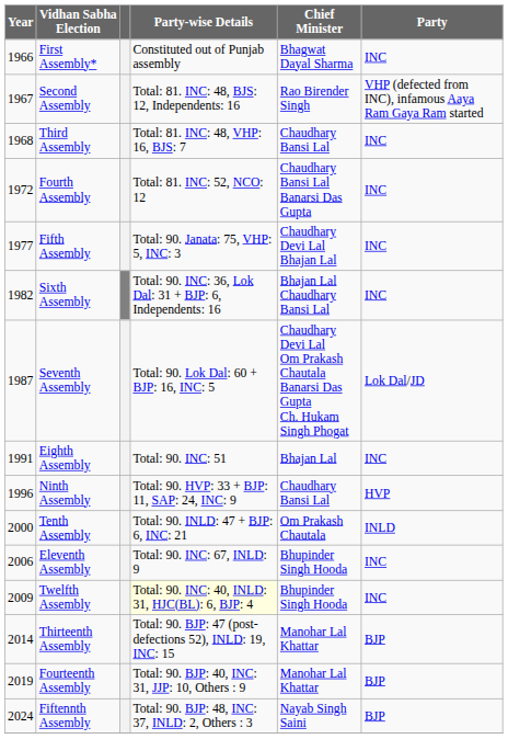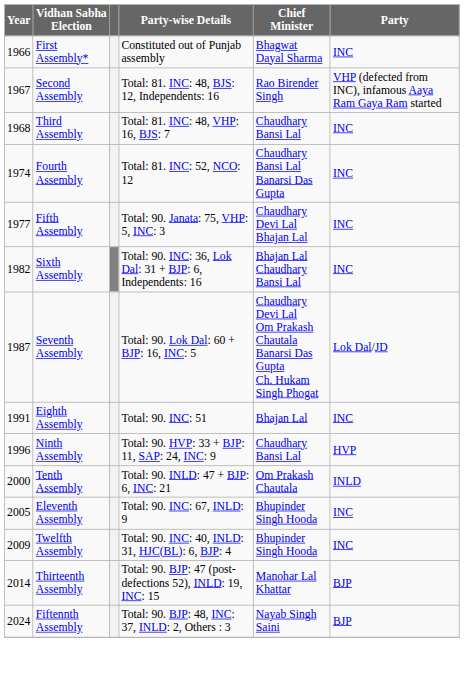 <table class="wikitable" width="100%" style="font-size: x-big; font-family: verdana">
 <tr>
 <th style="background-color:#666666; color:white">Year</th>
 <th style="background-color:#666666; color:white">Vidhan Sabha Election</th>
 <td style=" background-color:#666666; width:5px"></td>
 <th style="background-color:#666666; color:white">Party-wise Details</th>
 <th style="background-color:#666666; color:white">Chief Minister</th>
 <th style="background-color:#666666; color:white">Party</th>
 </tr>
 <tr --->
 </tr>
 <tr --->
 <td>1966</td>
 <td><a href='#'>First Assembly*</a></td>
 <th style="background-color: "></th>
 <td>Constituted out of Punjab assembly</td>
 <td><a href='#'>Bhagwat Dayal Sharma</a></td>
 <td><a href='#'>INC</a></td>
 </tr>
 <tr --->
 <td>1967</td>
 <td><a href='#'>Second Assembly</a></td>
 <th style="background-color: "></th>
 <td>Total: 81. <a href='#'>INC</a>: 48, <a href='#'>BJS</a>: 12, Independents: 16</td>
 <td><a href='#'>Rao Birender Singh</a></td>
 <td><a href='#'>VHP</a> (defected from INC), infamous <a href='#'>Aaya Ram Gaya Ram</a> started</td>
 </tr>
 <tr --->
 <td>1968</td>
 <td><a href='#'>Third Assembly</a></td>
 <th style="background-color: "></th>
 <td>Total: 81. <a href='#'>INC</a>: 48, <a href='#'>VHP</a>: 16, <a href='#'>BJS</a>: 7</td>
 <td><a href='#'>Chaudhary Bansi Lal</a></td>
 <td><a href='#'>INC</a></td>
 </tr>
 <tr --->
-<td>1972</td>
+<td>1974</td>
 <td><a href='#'>Fourth Assembly</a></td>
 <th style="background-color: "></th>
 <td>Total: 81. <a href='#'>INC</a>: 52, <a href='#'>NCO</a>: 12</td>
 <td><a href='#'>Chaudhary Bansi Lal</a> <br> <a href='#'>Banarsi Das Gupta</a></td>
 <td><a href='#'>INC</a></td>
 </tr>
 <tr --->
 <td>1977</td>
 <td><a href='#'>Fifth Assembly</a></td>
 <th style="background-color: "></th>
 <td>Total: 90. <a href='#'>Janata</a>: 75, <a href='#'>VHP</a>: 5, <a href='#'>INC</a>: 3</td>
 <td><a href='#'>Chaudhary Devi Lal</a> <br> <a href='#'>Bhajan Lal</a></td>
 <td><a href='#'>INC</a></td>
 </tr>
 <tr --->
 <td>1982</td>
 <td><a href='#'>Sixth Assembly</a></td>
 <th style="background-color: grey"></th>
 <td>Total: 90. <a href='#'>INC</a>: 36, <a href='#'>Lok Dal</a>: 31 + <a href='#'>BJP</a>: 6, Independents: 16</td>
 <td><a href='#'>Bhajan Lal</a> <br> <a href='#'>Chaudhary Bansi Lal</a></td>
 <td><a href='#'>INC</a></td>
 </tr>
 <tr --->
 <td>1987</td>
 <td><a href='#'>Seventh Assembly</a></td>
 <th style="background-color: "></th>
 <td>Total: 90. <a href='#'>Lok Dal</a>: 60 + <a href='#'>BJP</a>: 16, <a href='#'>INC</a>: 5</td>
 <td><a href='#'>Chaudhary Devi Lal</a> <br> <a href='#'>Om Prakash Chautala</a> <br> <a href='#'>Banarsi Das Gupta</a> <br> <a href='#'>Ch. Hukam Singh Phogat</a></td>
 <td><a href='#'>Lok Dal</a>/<a href='#'>JD</a></td>
 </tr>
 <tr --->
 <td>1991</td>
 <td><a href='#'>Eighth Assembly</a></td>
 <th style="background-color: "></th>
 <td>Total: 90. <a href='#'>INC</a>: 51</td>
 <td><a href='#'>Bhajan Lal</a></td>
 <td><a href='#'>INC</a></td>
 </tr>
 <tr --->
 <td>1996</td>
 <td><a href='#'>Ninth Assembly</a></td>
 <th style="background-color: "></th>
 <td>Total: 90. <a href='#'>HVP</a>: 33 + <a href='#'>BJP</a>: 11, <a href='#'>SAP</a>: 24, <a href='#'>INC</a>: 9</td>
 <td><a href='#'>Chaudhary Bansi Lal</a></td>
 <td><a href='#'>HVP</a></td>
 </tr>
 <tr --->
 <td>2000</td>
 <td><a href='#'>Tenth Assembly</a></td>
 <th style="background-color: "></th>
 <td>Total: 90. <a href='#'>INLD</a>: 47 + <a href='#'>BJP</a>: 6, <a href='#'>INC</a>: 21</td>
 <td><a href='#'>Om Prakash Chautala</a></td>
 <td><a href='#'>INLD</a></td>
 </tr>
 <tr --->
-<td>2006</td>
+<td>2005</td>
 <td><a href='#'>Eleventh Assembly</a></td>
 <th style="background-color: "></th>
 <td>Total: 90. <a href='#'>INC</a>: 67, <a href='#'>INLD</a>: 9</td>
 <td><a href='#'>Bhupinder Singh Hooda</a></td>
 <td><a href='#'>INC</a></td>
 </tr>
 <tr --->
 <td>2009</td>
 <td><a href='#'>Twelfth Assembly</a></td>
 <th style="background-color: "></th>
-<td style="background: lightyellow;">Total: 90. <a href='#'>INC</a>: 40, <a href='#'>INLD</a>: 31, <a href='#'>HJC(BL)</a>: 6, <a href='#'>BJP</a>: 4</td>
+<td>Total: 90. <a href='#'>INC</a>: 40, <a href='#'>INLD</a>: 31, <a href='#'>HJC(BL)</a>: 6, <a href='#'>BJP</a>: 4</td>
 <td><a href='#'>Bhupinder Singh Hooda</a></td>
 <td><a href='#'>INC</a></td>
 </tr>
 <tr --->
 <td>2014</td>
 <td><a href='#'>Thirteenth Assembly</a></td>
 <th style="background-color: "></th>
 <td>Total: 90. <a href='#'>BJP</a>: 47 (post-defections 52), <a href='#'>INLD</a>: 19, <a href='#'>INC</a>: 15</td>
-<td><a href='#'>Manohar Lal Khattar</a></td>
-<td><a href='#'>BJP</a></td>
-</tr>
-<tr --->
-<td>2019</td>
-<td><a href='#'>Fourteenth Assembly</a></td>
-<th style="background-color: "></th>
-<td>Total: 90. <a href='#'>BJP</a>: 40, <a href='#'>INC</a>: 31, <a href='#'>JJP</a>: 10, Others : 9</td>
 <td><a href='#'>Manohar Lal Khattar</a></td>
 <td><a href='#'>BJP</a></td>
 </tr>
 <tr --->
 <td>2024</td>
 <td><a href='#'>Fiftennth Assembly</a></td>
 <th style="background-color: "></th>
 <td>Total: 90. <a href='#'>BJP</a>: 48, <a href='#'>INC</a>: 37, <a href='#'>INLD</a>: 2, Others : 3</td>
 <td><a href='#'>Nayab Singh Saini</a></td>
 <td><a href='#'>BJP</a></td>
 </tr>
 <tr --->
 </tr>
 </table>
